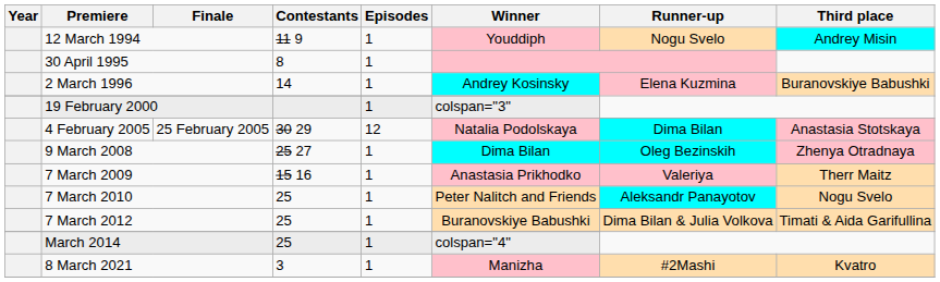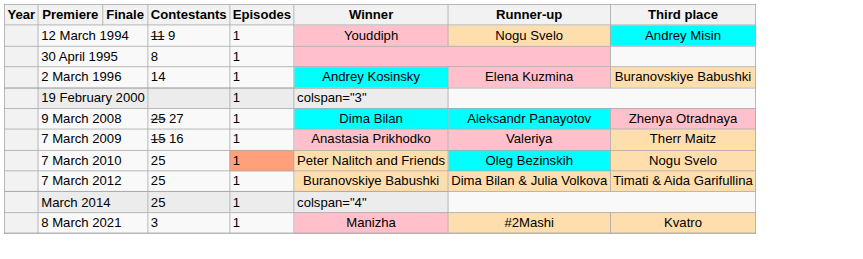 <table class="wikitable sortable plainrowheaders">
 <tr>
 <th scope="col">Year</th>
 <th scope="col">Premiere</th>
 <th scope="col">Finale</th>
 <th scope="col">Contestants</th>
 <th scope="col">Episodes</th>
 <th scope="col">Winner</th>
 <th scope="col">Runner-up</th>
 <th scope="col">Third place</th>
 </tr>
 <tr>
 <th scope="row"></th>
 <td colspan="2">12 March 1994</td>
 <td><s>11</s> 9</td>
 <td>1</td>
 <td style="text-align:center;background:pink;">Youddiph</td>
 <td style="text-align:center;background:navajowhite;">Nogu Svelo</td>
 <td style="text-align:center;background:cyan;">Andrey Misin</td>
 </tr>
 <tr>
 <th scope="row"></th>
 <td colspan="2">30 April 1995</td>
 <td>8</td>
 <td>1</td>
 <td colspan="2" !- style="background:pink;"></td>
 <td></td>
 </tr>
 <tr>
 <th scope="row"></th>
 <td colspan="2">2 March 1996</td>
 <td>14</td>
 <td>1</td>
 <td style="text-align:center;background:cyan">Andrey Kosinsky</td>
 <td style="text-align:center;background:pink">Elena Kuzmina</td>
 <td style="text-align:center;background:navajowhite;">Buranovskiye Babushki</td>
 </tr>
 <tr>
 </tr>
 <tr style=" background:#ececec;">
 <th scope="row"></th>
 <td colspan="2">19 February 2000</td>
 <td></td>
 <td>1</td>
 <td>colspan="3" </td>
 </tr>
 <tr>
 <th scope="row"></th>
-<td>4 February 2005</td>
-<td>25 February 2005</td>
-<td><s>30</s> 29</td>
-<td>12</td>
-<td style="text-align:center;background:pink;">Natalia Podolskaya</td>
-<td style="text-align:center;background:cyan;">Dima Bilan</td>
-<td style="text-align:center;background:pink;">Anastasia Stotskaya</td>
-</tr>
-<tr>
-<th scope="row"></th>
 <td colspan="2">9 March 2008</td>
 <td><s>25</s> 27</td>
 <td>1</td>
 <td style="text-align:center;background:cyan;">Dima Bilan</td>
-<td style="text-align:center;background:cyan;">Oleg Bezinskih</td>
+<td style="text-align:center;background:cyan;">Aleksandr Panayotov</td>
 <td style="text-align:center;background:pink;">Zhenya Otradnaya</td>
 </tr>
 <tr>
 <th scope="row"></th>
 <td colspan="2">7 March 2009</td>
 <td><s>15</s> 16</td>
 <td>1</td>
 <td style="text-align:center;background:pink;">Anastasia Prikhodko</td>
 <td style="text-align:center;background:pink;">Valeriya</td>
 <td style="text-align:center;background:navajowhite;">Therr Maitz</td>
 </tr>
 <tr>
 <th scope="row"></th>
 <td colspan="2">7 March 2010</td>
 <td>25</td>
-<td>1</td>
+<td style="background: lightsalmon;">1</td>
 <td style="text-align:center;background:navajowhite;">Peter Nalitch and Friends</td>
-<td style="text-align:center;background:cyan;">Aleksandr Panayotov</td>
+<td style="text-align:center;background:cyan;">Oleg Bezinskih</td>
 <td style="text-align:center;background:navajowhite">Nogu Svelo</td>
 </tr>
 <tr>
 <th scope="row"></th>
 <td colspan="2">7 March 2012</td>
 <td>25</td>
 <td>1</td>
 <td style="text-align:center;background:navajowhite;">Buranovskiye Babushki</td>
 <td style="text-align:center;background:navajowhite;">Dima Bilan & Julia Volkova</td>
 <td style="text-align:center;background:navajowhite;">Timati & Aida Garifullina</td>
 </tr>
 <tr>
 </tr>
 <tr style=" background:#ececec;">
 <th scope="row"></th>
 <td colspan="2">March 2014</td>
 <td>25</td>
 <td>1</td>
 <td>colspan="4" </td>
 </tr>
 <tr>
 <th scope="row"></th>
 <td colspan="2">8 March 2021</td>
 <td>3</td>
 <td>1</td>
 <td style="text-align:center;background:pink;">Manizha</td>
 <td style="text-align:center;background:navajowhite;">#2Mashi</td>
 <td style="text-align:center;background:navajowhite;">Kvatro</td>
 </tr>
 <tr>
 </tr>
 </table>
